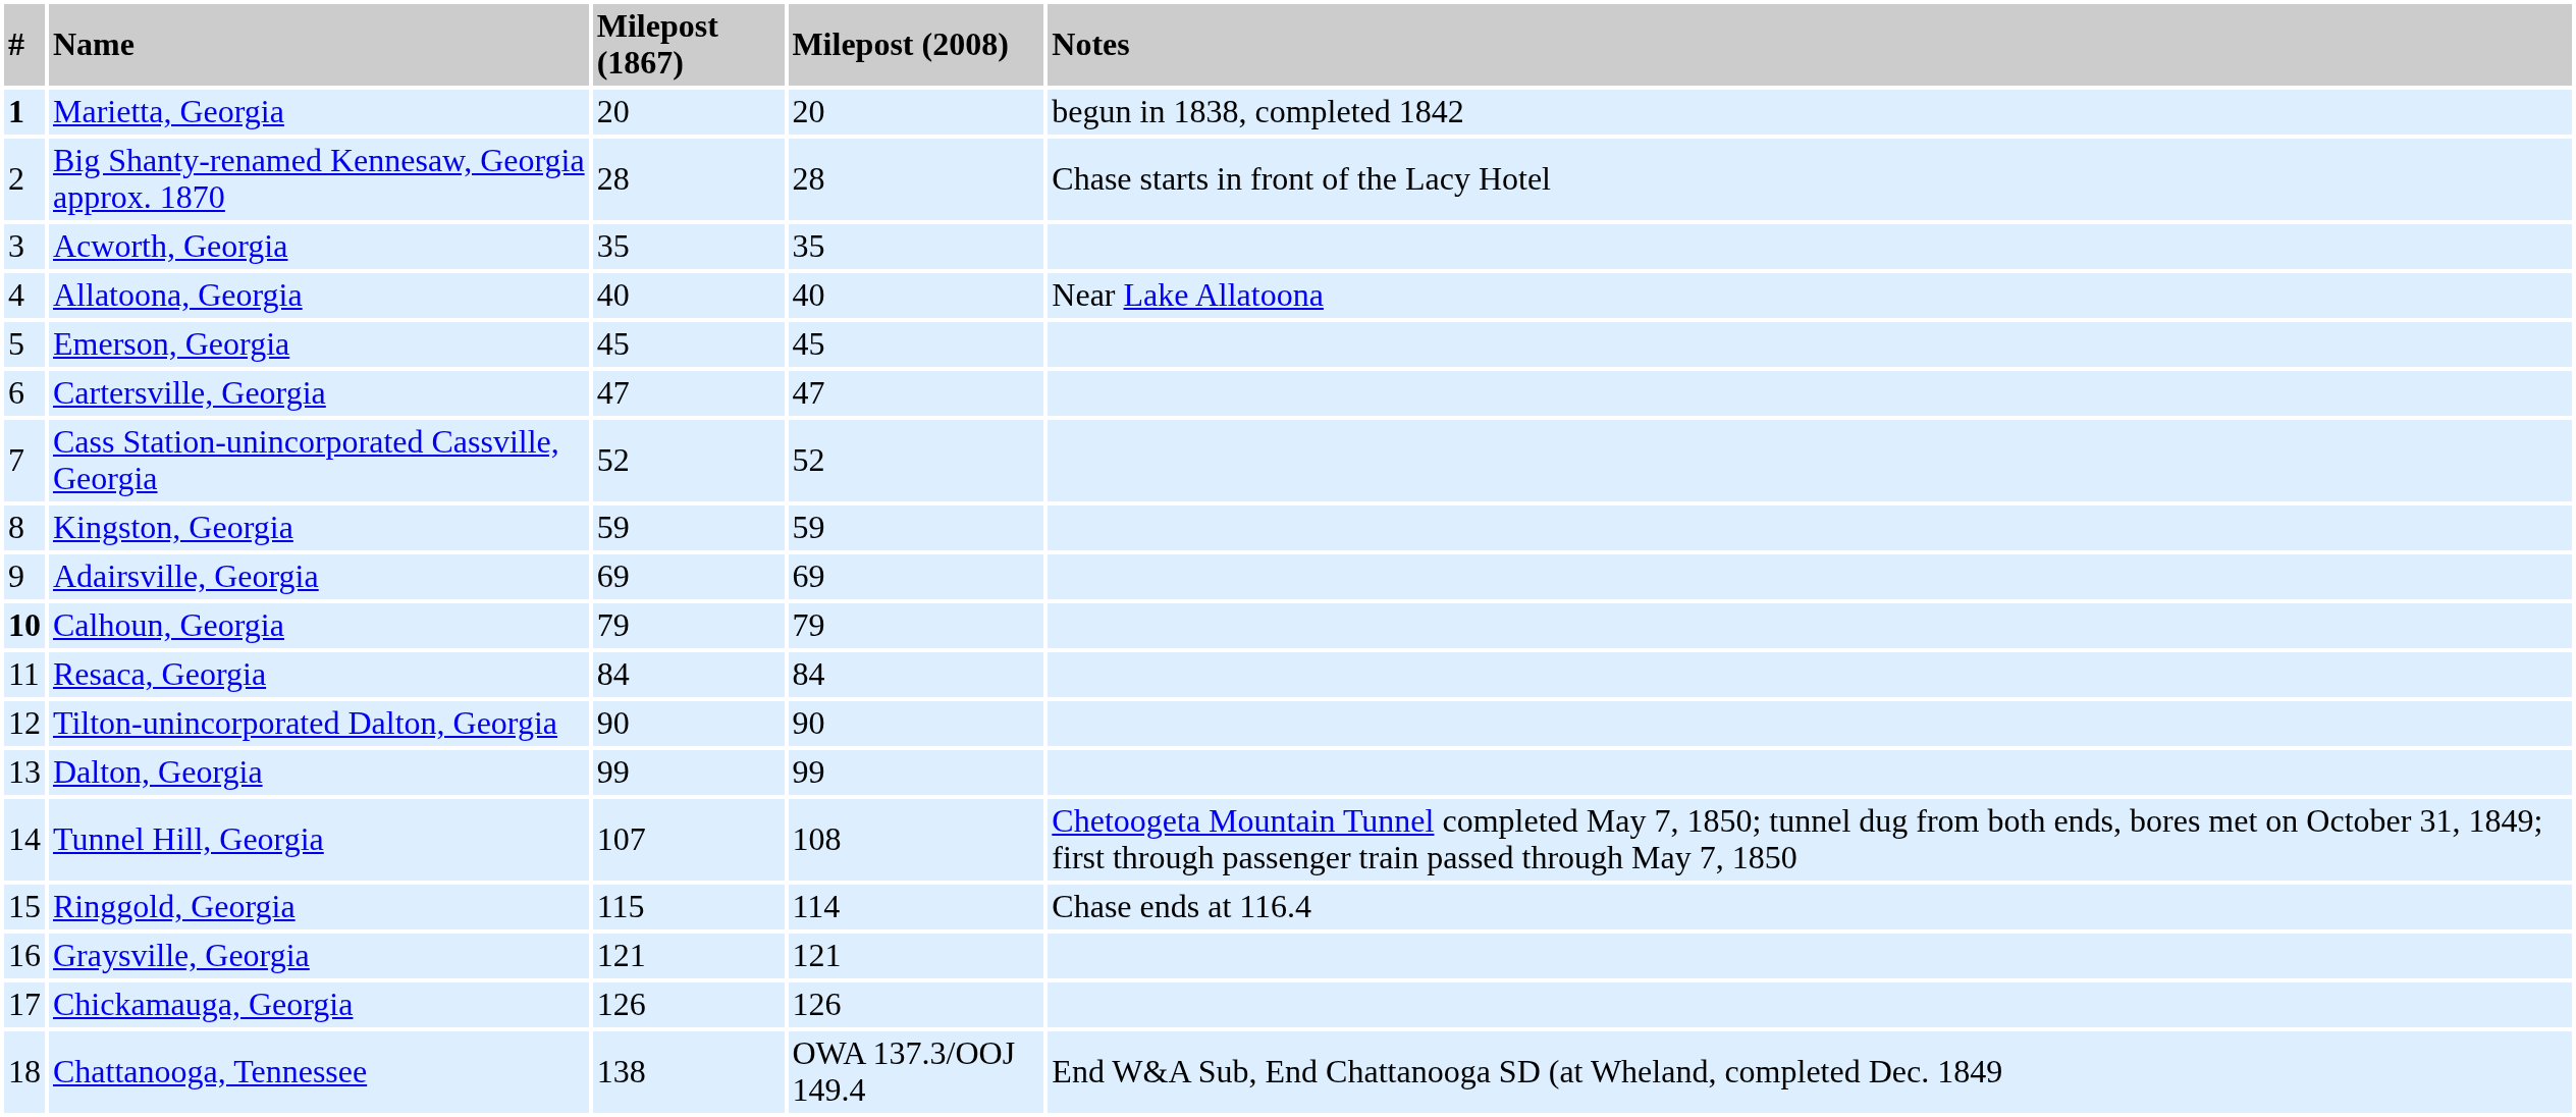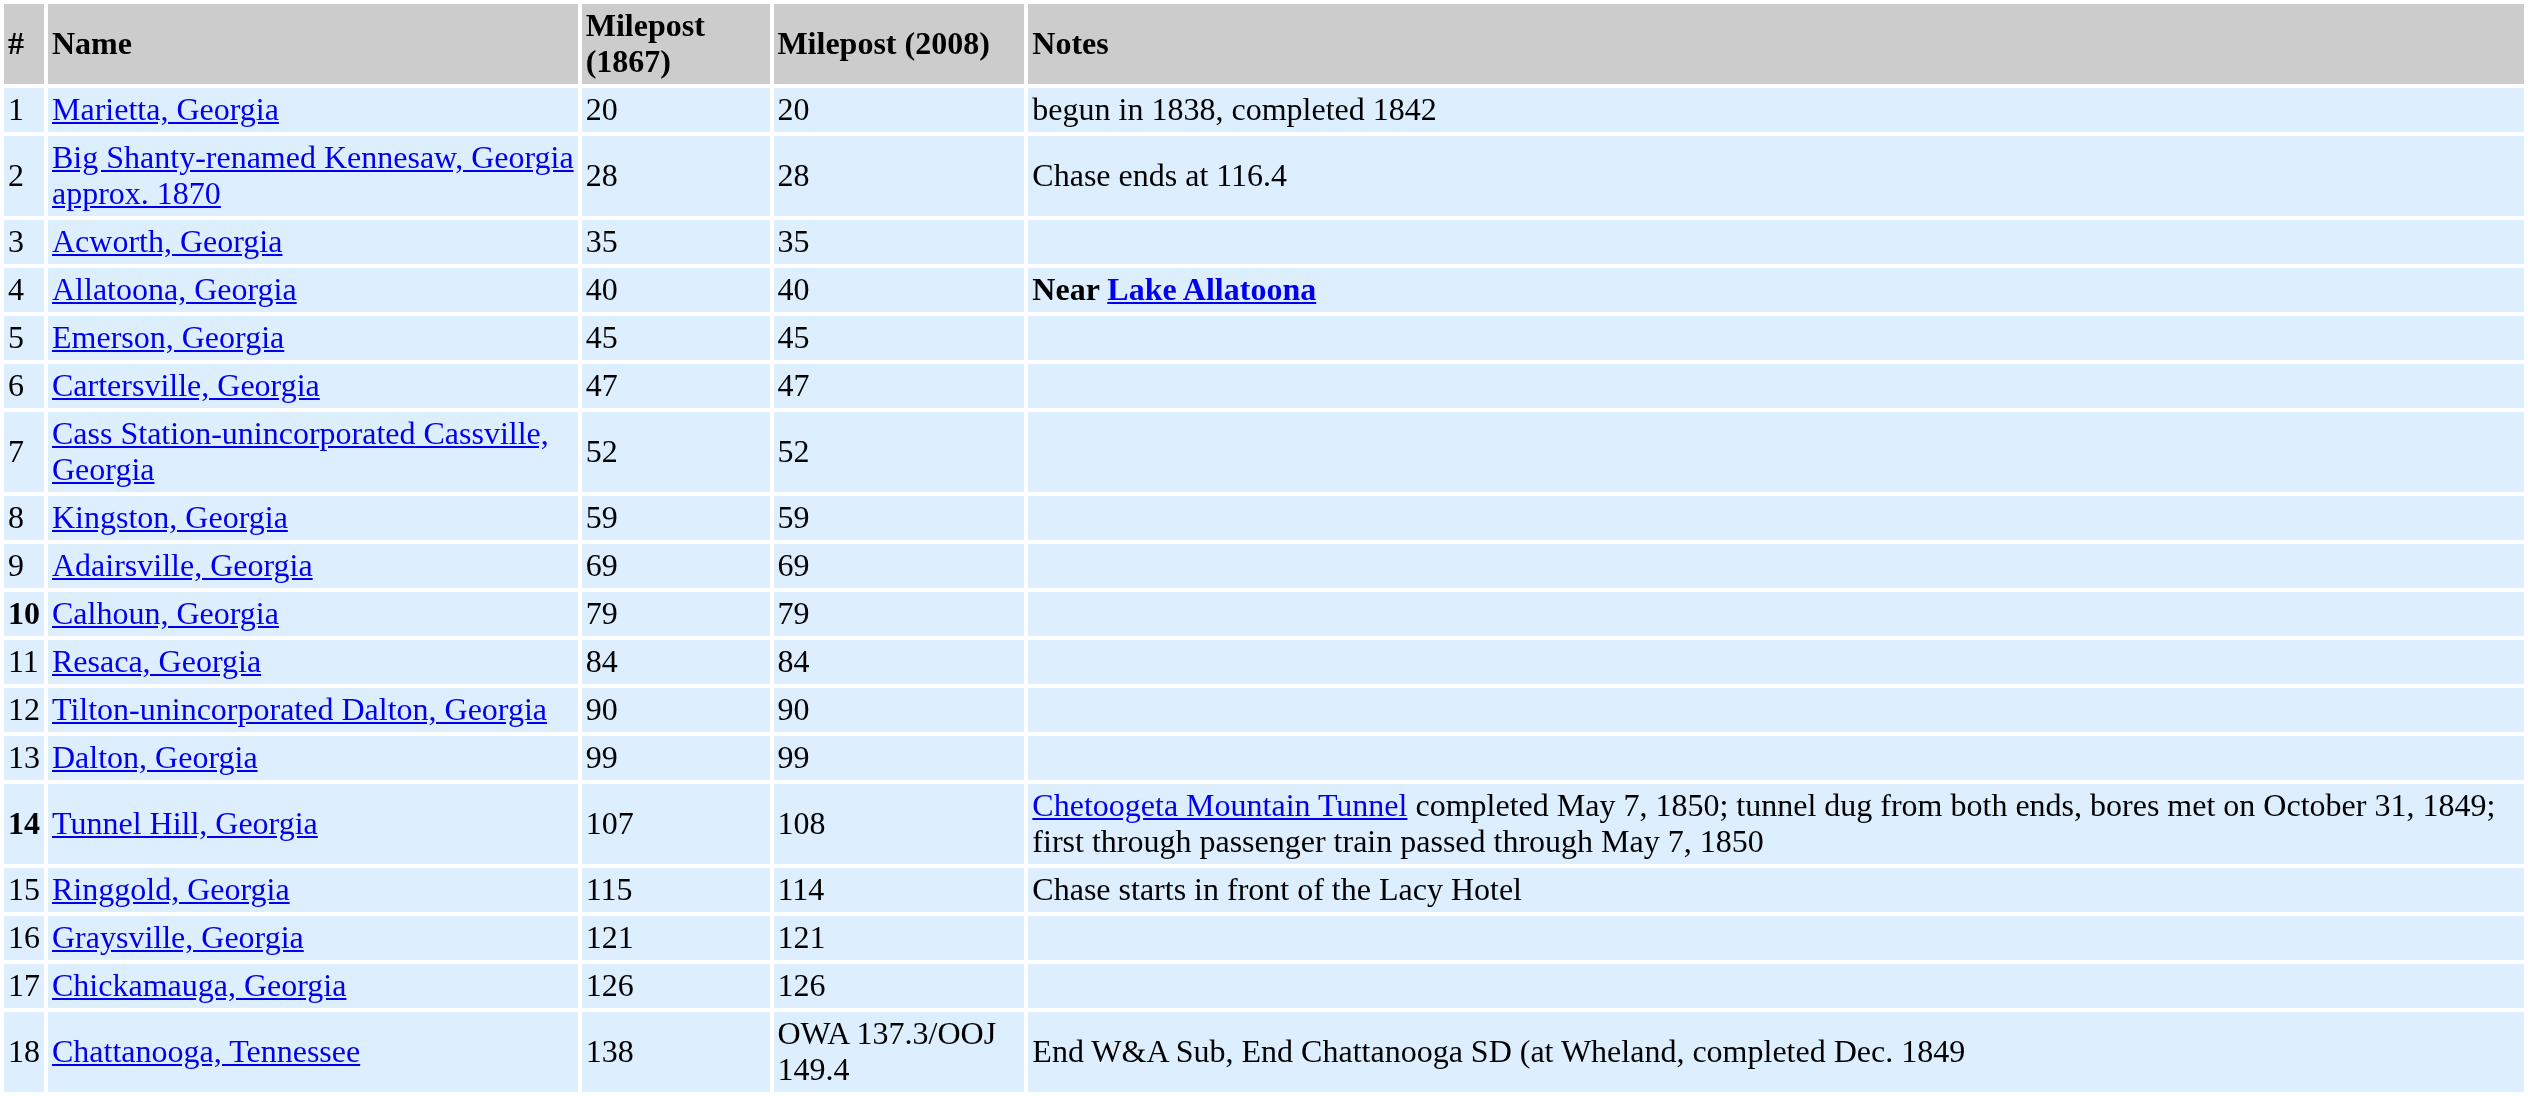 <table border=0 cellpadding=2 cellspacing=2>
 <tr>
 <td bgcolor=#cccccc><strong>#</strong></td>
 <td bgcolor=#cccccc><strong>Name</strong></td>
 <td bgcolor=#cccccc><strong>Milepost (1867)</strong></td>
 <td bgcolor=#cccccc><strong>Milepost (2008)</strong></td>
 <td bgcolor=#cccccc><strong>Notes</strong></td>
 </tr>
 <tr>
-<td bgcolor=#DDEEFF><strong>1</strong></td>
+<td bgcolor=#DDEEFF>1</td>
 <td bgcolor=#DDEEFF><a href='#'>Marietta, Georgia</a></td>
 <td bgcolor=#DDEEFF>20</td>
 <td bgcolor=#DDEEFF>20</td>
 <td bgcolor=#DDEEFF>begun in 1838, completed 1842</td>
 </tr>
 <tr>
 <td bgcolor=#DDEEFF>2</td>
 <td bgcolor=#DDEEFF><a href='#'>Big Shanty-renamed Kennesaw, Georgia approx. 1870</a></td>
 <td bgcolor=#DDEEFF>28</td>
 <td bgcolor=#DDEEFF>28</td>
-<td bgcolor=#DDEEFF>Chase starts in front of the Lacy Hotel</td>
+<td bgcolor=#DDEEFF>Chase ends at 116.4</td>
 </tr>
 <tr>
 <td bgcolor=#DDEEFF>3</td>
 <td bgcolor=#DDEEFF><a href='#'>Acworth, Georgia</a></td>
 <td bgcolor=#DDEEFF>35</td>
 <td bgcolor=#DDEEFF>35</td>
 <td bgcolor=#DDEEFF></td>
 </tr>
 <tr>
 <td bgcolor=#DDEEFF>4</td>
 <td bgcolor=#DDEEFF><a href='#'>Allatoona, Georgia</a></td>
 <td bgcolor=#DDEEFF>40</td>
 <td bgcolor=#DDEEFF>40</td>
-<td bgcolor=#DDEEFF>Near <a href='#'>Lake Allatoona</a></td>
+<td bgcolor=#DDEEFF><strong>Near <a href='#'>Lake Allatoona</a></strong></td>
 </tr>
 <tr>
 <td bgcolor=#DDEEFF>5</td>
 <td bgcolor=#DDEEFF><a href='#'>Emerson, Georgia</a></td>
 <td bgcolor=#DDEEFF>45</td>
 <td bgcolor=#DDEEFF>45</td>
 <td bgcolor=#DDEEFF></td>
 </tr>
 <tr>
 <td bgcolor=#DDEEFF>6</td>
 <td bgcolor=#DDEEFF><a href='#'>Cartersville, Georgia</a></td>
 <td bgcolor=#DDEEFF>47</td>
 <td bgcolor=#DDEEFF>47</td>
 <td bgcolor=#DDEEFF></td>
 </tr>
 <tr>
 <td bgcolor=#DDEEFF>7</td>
 <td bgcolor=#DDEEFF><a href='#'>Cass Station-unincorporated Cassville, Georgia</a></td>
 <td bgcolor=#DDEEFF>52</td>
 <td bgcolor=#DDEEFF>52</td>
 <td bgcolor=#DDEEFF></td>
 </tr>
 <tr>
 <td bgcolor=#DDEEFF>8</td>
 <td bgcolor=#DDEEFF><a href='#'>Kingston, Georgia</a></td>
 <td bgcolor=#DDEEFF>59</td>
 <td bgcolor=#DDEEFF>59</td>
 <td bgcolor=#DDEEFF></td>
 </tr>
 <tr>
 <td bgcolor=#DDEEFF>9</td>
 <td bgcolor=#DDEEFF><a href='#'>Adairsville, Georgia</a></td>
 <td bgcolor=#DDEEFF>69</td>
 <td bgcolor=#DDEEFF>69</td>
 <td bgcolor=#DDEEFF></td>
 </tr>
 <tr>
 <td bgcolor=#DDEEFF><strong>10</strong></td>
 <td bgcolor=#DDEEFF><a href='#'>Calhoun, Georgia</a></td>
 <td bgcolor=#DDEEFF>79</td>
 <td bgcolor=#DDEEFF>79</td>
 <td bgcolor=#DDEEFF></td>
 </tr>
 <tr>
 <td bgcolor=#DDEEFF>11</td>
 <td bgcolor=#DDEEFF><a href='#'>Resaca, Georgia</a></td>
 <td bgcolor=#DDEEFF>84</td>
 <td bgcolor=#DDEEFF>84</td>
 <td bgcolor=#DDEEFF></td>
 </tr>
 <tr>
 <td bgcolor=#DDEEFF>12</td>
 <td bgcolor=#DDEEFF><a href='#'>Tilton-unincorporated Dalton, Georgia</a></td>
 <td bgcolor=#DDEEFF>90</td>
 <td bgcolor=#DDEEFF>90</td>
 <td bgcolor=#DDEEFF></td>
 </tr>
 <tr>
 <td bgcolor=#DDEEFF>13</td>
 <td bgcolor=#DDEEFF><a href='#'>Dalton, Georgia</a></td>
 <td bgcolor=#DDEEFF>99</td>
 <td bgcolor=#DDEEFF>99</td>
 <td bgcolor=#DDEEFF></td>
 </tr>
 <tr>
-<td bgcolor=#DDEEFF>14</td>
+<td bgcolor=#DDEEFF><strong>14</strong></td>
 <td bgcolor=#DDEEFF><a href='#'>Tunnel Hill, Georgia</a></td>
 <td bgcolor=#DDEEFF>107</td>
 <td bgcolor=#DDEEFF>108</td>
 <td bgcolor=#DDEEFF><a href='#'>Chetoogeta Mountain Tunnel</a> completed May 7, 1850; tunnel dug from both ends, bores met on October 31, 1849; first through passenger train passed through May 7, 1850</td>
 </tr>
 <tr>
 <td bgcolor=#DDEEFF>15</td>
 <td bgcolor=#DDEEFF><a href='#'>Ringgold, Georgia</a></td>
 <td bgcolor=#DDEEFF>115</td>
 <td bgcolor=#DDEEFF>114</td>
-<td bgcolor=#DDEEFF>Chase ends at 116.4</td>
+<td bgcolor=#DDEEFF>Chase starts in front of the Lacy Hotel</td>
 </tr>
 <tr>
 <td bgcolor=#DDEEFF>16</td>
 <td bgcolor=#DDEEFF><a href='#'>Graysville, Georgia</a></td>
 <td bgcolor=#DDEEFF>121</td>
 <td bgcolor=#DDEEFF>121</td>
 <td bgcolor=#DDEEFF></td>
 </tr>
 <tr>
 <td bgcolor=#DDEEFF>17</td>
 <td bgcolor=#DDEEFF><a href='#'>Chickamauga, Georgia</a></td>
 <td bgcolor=#DDEEFF>126</td>
 <td bgcolor=#DDEEFF>126</td>
 <td bgcolor=#DDEEFF></td>
 </tr>
 <tr>
 <td bgcolor=#DDEEFF>18</td>
 <td bgcolor=#DDEEFF><a href='#'>Chattanooga, Tennessee</a></td>
 <td bgcolor=#DDEEFF>138</td>
 <td bgcolor=#DDEEFF>OWA 137.3/OOJ 149.4</td>
 <td bgcolor=#DDEEFF>End W&A Sub, End Chattanooga SD (at Wheland, completed Dec. 1849</td>
 </tr>
 <tr>
 </tr>
 </table>
